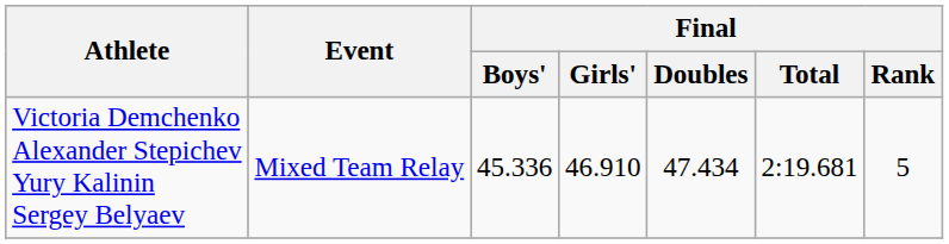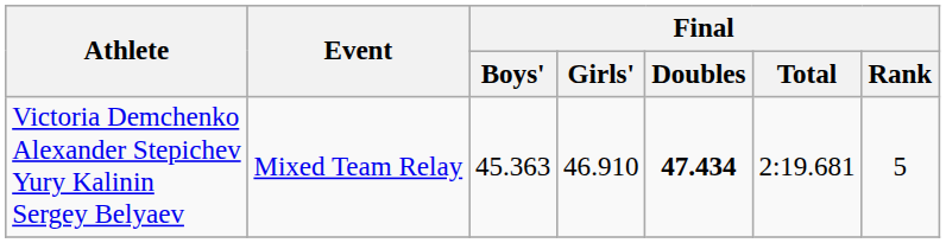 <table class="wikitable" style="font-size:90%; text-align:center;">
 <tr>
 <th rowspan=2>Athlete</th>
 <th rowspan=2>Event</th>
 <th colspan=5>Final</th>
 </tr>
 <tr>
 <th>Boys'</th>
 <th>Girls'</th>
 <th>Doubles</th>
 <th>Total</th>
 <th>Rank</th>
 </tr>
 <tr>
 <td align=left><a href='#'>Victoria Demchenko</a><br><a href='#'>Alexander Stepichev</a><br><a href='#'>Yury Kalinin</a><br><a href='#'>Sergey Belyaev</a></td>
 <td align=left><a href='#'>Mixed Team Relay</a></td>
-<td>45.336</td>
+<td>45.363</td>
 <td>46.910</td>
-<td>47.434</td>
+<td><strong>47.434</strong></td>
 <td>2:19.681</td>
 <td>5</td>
 </tr>
 </table>
